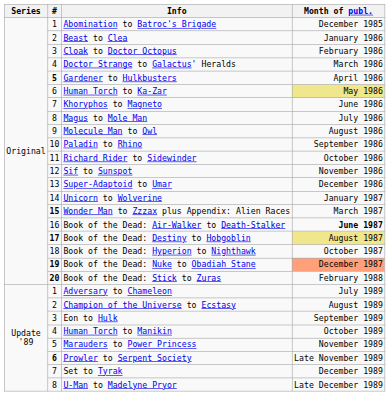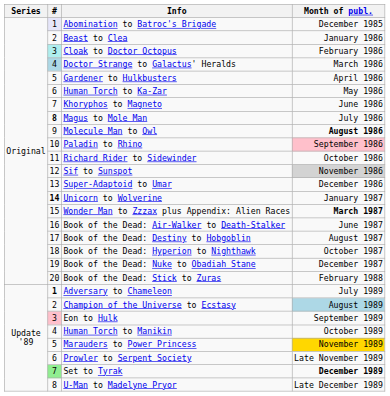 <table class="wikitable">
 <tr>
 <th width="40">Series</th>
 <th>#</th>
 <th>Info</th>
 <th>Month of <a href='#'>publ.</a></th>
 </tr>
 <tr align="center">
 <td rowspan="20">Original</td>
-<td>1</td>
+<td style="background: lavender;">1</td>
 <td align="left"><a href='#'>Abomination</a> to <a href='#'>Batroc's Brigade</a></td>
 <td align="right">December 1985</td>
 </tr>
 <tr align="center">
 <td>2</td>
 <td align="left"><a href='#'>Beast</a> to <a href='#'>Clea</a></td>
 <td align="right">January 1986</td>
 </tr>
 <tr align="center">
-<td>3</td>
+<td style="background: paleturquoise;">3</td>
 <td align="left"><a href='#'>Cloak</a> to <a href='#'>Doctor Octopus</a></td>
 <td align="right">February 1986</td>
 </tr>
 <tr align="center">
-<td>4</td>
+<td style="background: lightblue;">4</td>
 <td align="left"><a href='#'>Doctor Strange</a> to <a href='#'>Galactus</a>' Heralds</td>
 <td align="right">March 1986</td>
 </tr>
 <tr align="center">
-<td><strong>5</strong></td>
+<td>5</td>
 <td align="left"><a href='#'>Gardener</a> to <a href='#'>Hulkbusters</a></td>
 <td align="right">April 1986</td>
 </tr>
 <tr align="center">
 <td>6</td>
 <td align="left"><a href='#'>Human Torch</a> to <a href='#'>Ka-Zar</a></td>
-<td align="right" style="background: khaki;">May 1986</td>
+<td align="right">May 1986</td>
 </tr>
 <tr align="center">
 <td>7</td>
 <td align="left"><a href='#'>Khoryphos</a> to <a href='#'>Magneto</a></td>
 <td align="right">June 1986</td>
 </tr>
 <tr align="center">
-<td>8</td>
+<td><strong>8</strong></td>
 <td align="left"><a href='#'>Magus</a> to <a href='#'>Mole Man</a></td>
 <td align="right">July 1986</td>
 </tr>
 <tr align="center">
 <td>9</td>
 <td align="left"><a href='#'>Molecule Man</a> to <a href='#'>Owl</a></td>
-<td align="right">August 1986</td>
+<td align="right"><strong>August 1986</strong></td>
 </tr>
 <tr align="center">
 <td>10</td>
 <td align="left"><a href='#'>Paladin</a> to <a href='#'>Rhino</a></td>
-<td align="right">September 1986</td>
+<td align="right" style="background: pink;">September 1986</td>
 </tr>
 <tr align="center">
 <td>11</td>
 <td align="left"><a href='#'>Richard Rider</a> to <a href='#'>Sidewinder</a></td>
 <td align="right">October 1986</td>
 </tr>
 <tr align="center">
 <td>12</td>
 <td align="left"><a href='#'>Sif</a> to <a href='#'>Sunspot</a></td>
-<td align="right">November 1986</td>
+<td align="right" style="background: lightgrey;">November 1986</td>
 </tr>
 <tr align="center">
 <td>13</td>
 <td align="left"><a href='#'>Super-Adaptoid</a> to <a href='#'>Umar</a></td>
 <td align="right">December 1986</td>
 </tr>
 <tr align="center">
-<td>14</td>
+<td><strong>14</strong></td>
 <td align="left"><a href='#'>Unicorn</a> to <a href='#'>Wolverine</a></td>
 <td align="right">January 1987</td>
 </tr>
 <tr align="center">
-<td><strong>15</strong></td>
+<td>15</td>
 <td align="left"><a href='#'>Wonder Man</a> to <a href='#'>Zzzax</a> plus Appendix: Alien Races</td>
-<td align="right">March 1987</td>
+<td align="right"><strong>March 1987</strong></td>
 </tr>
 <tr align="center">
 <td>16</td>
 <td align="left">Book of the Dead: <a href='#'>Air-Walker</a> to <a href='#'>Death-Stalker</a></td>
-<td align="right"><strong>June 1987</strong></td>
+<td align="right">June 1987</td>
 </tr>
 <tr align="center">
-<td><strong>17</strong></td>
+<td>17</td>
 <td align="left">Book of the Dead: <a href='#'>Destiny</a> to <a href='#'>Hobgoblin</a></td>
-<td align="right" style="background: khaki;">August 1987</td>
+<td align="right">August 1987</td>
 </tr>
 <tr align="center">
 <td>18</td>
 <td align="left">Book of the Dead: <a href='#'>Hyperion</a> to <a href='#'>Nighthawk</a></td>
 <td align="right">October 1987</td>
 </tr>
 <tr align="center">
-<td><strong>19</strong></td>
+<td>19</td>
 <td align="left">Book of the Dead: <a href='#'>Nuke</a> to <a href='#'>Obadiah Stane</a></td>
-<td align="right" style="background: lightsalmon;">December 1987</td>
+<td align="right">December 1987</td>
 </tr>
 <tr align="center">
-<td><strong>20</strong></td>
+<td>20</td>
 <td align="left">Book of the Dead: <a href='#'>Stick</a> to <a href='#'>Zuras</a></td>
 <td align="right">February 1988</td>
 </tr>
 <tr align="center">
 <td rowspan="8">Update '89</td>
-<td>1</td>
+<td><strong>1</strong></td>
 <td align="left"><a href='#'>Adversary</a> to <a href='#'>Chameleon</a></td>
 <td align="right">July 1989</td>
 </tr>
 <tr align="center">
 <td>2</td>
 <td align="left"><a href='#'>Champion of the Universe</a> to <a href='#'>Ecstasy</a></td>
-<td align="right">August 1989</td>
+<td align="right" style="background: lightblue;">August 1989</td>
 </tr>
 <tr align="center">
-<td>3</td>
+<td style="background: pink;">3</td>
 <td align="left">Eon to <a href='#'>Hulk</a></td>
 <td align="right">September 1989</td>
 </tr>
 <tr align="center">
 <td>4</td>
 <td align="left"><a href='#'>Human Torch</a> to <a href='#'>Manikin</a></td>
 <td align="right">October 1989</td>
 </tr>
 <tr align="center">
 <td>5</td>
 <td align="left"><a href='#'>Marauders</a> to <a href='#'>Power Princess</a></td>
-<td align="right">November 1989</td>
+<td align="right" style="background: gold;">November 1989</td>
 </tr>
 <tr align="center">
-<td><strong>6</strong></td>
+<td>6</td>
 <td align="left"><a href='#'>Prowler</a> to <a href='#'>Serpent Society</a></td>
 <td align="right">Late November 1989</td>
 </tr>
 <tr align="center">
-<td>7</td>
+<td style="background: lightgreen;">7</td>
 <td align="left">Set to <a href='#'>Tyrak</a></td>
-<td align="right">December 1989</td>
+<td align="right"><strong>December 1989</strong></td>
 </tr>
 <tr align="center">
 <td>8</td>
 <td align="left"><a href='#'>U-Man</a> to <a href='#'>Madelyne Pryor</a></td>
 <td align="right">Late December 1989</td>
 </tr>
 </table>
